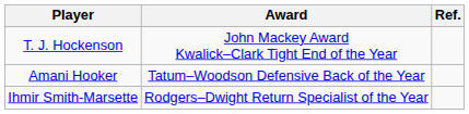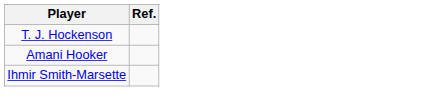 <table class="wikitable sortable sortable" style="text-align: center">
 <tr align=center>
 <th>Player</th>
-<th>Award</th>
 <th>Ref.</th>
 </tr>
 <tr>
 <td><a href='#'>T. J. Hockenson</a></td>
-<td><a href='#'>John Mackey Award</a> <br> <a href='#'>Kwalick–Clark Tight End of the Year</a></td>
 <td><br></td>
 </tr>
 <tr>
 <td><a href='#'>Amani Hooker</a></td>
-<td><a href='#'>Tatum–Woodson Defensive Back of the Year</a></td>
 <td></td>
 </tr>
 <tr>
 <td><a href='#'>Ihmir Smith-Marsette</a></td>
-<td><a href='#'>Rodgers–Dwight Return Specialist of the Year</a></td>
 <td></td>
 </tr>
 </table>
